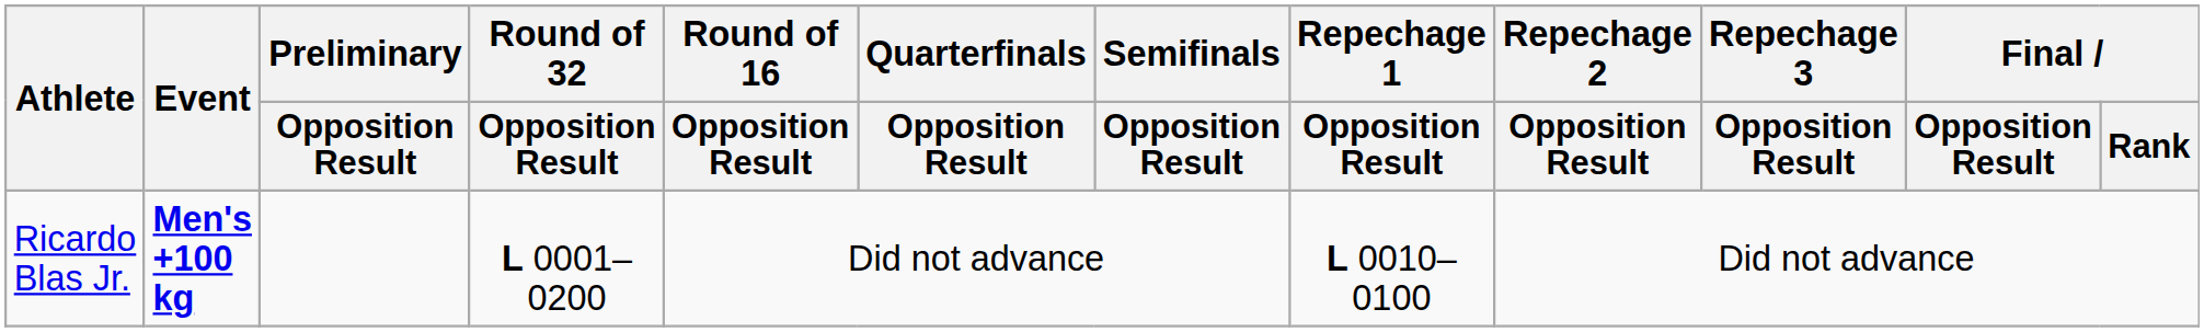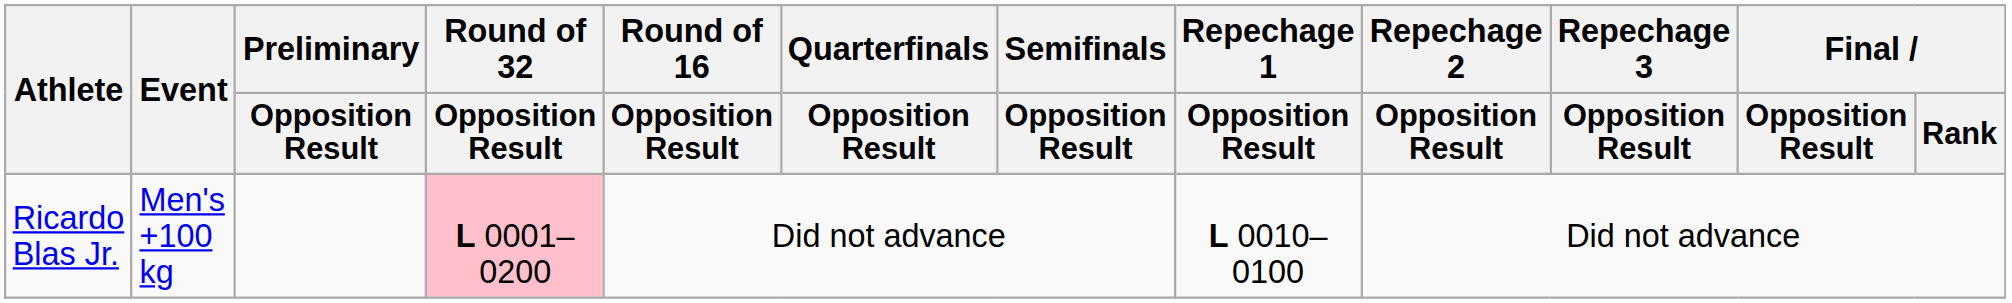 <table class="wikitable" style="font-size:90%">
 <tr>
 <th rowspan="2">Athlete</th>
 <th rowspan="2">Event</th>
 <th>Preliminary</th>
 <th>Round of 32</th>
 <th>Round of 16</th>
 <th>Quarterfinals</th>
 <th>Semifinals</th>
 <th>Repechage 1</th>
 <th>Repechage 2</th>
 <th>Repechage 3</th>
 <th colspan=2>Final / </th>
 </tr>
 <tr style="font-size:95%">
 <th>Opposition<br>Result</th>
 <th>Opposition<br>Result</th>
 <th>Opposition<br>Result</th>
 <th>Opposition<br>Result</th>
 <th>Opposition<br>Result</th>
 <th>Opposition<br>Result</th>
 <th>Opposition<br>Result</th>
 <th>Opposition<br>Result</th>
 <th>Opposition<br>Result</th>
 <th>Rank</th>
 </tr>
 <tr align=center>
 <td align=left><a href='#'>Ricardo Blas Jr.</a></td>
-<td align=left><strong><a href='#'>Men's +100 kg</a></strong></td>
+<td align=left><a href='#'>Men's +100 kg</a></td>
 <td></td>
-<td><br><strong>L</strong> 0001–0200</td>
+<td style="background: pink;"><br><strong>L</strong> 0001–0200</td>
 <td colspan=3>Did not advance</td>
 <td><br><strong>L</strong> 0010–0100</td>
 <td colspan=4>Did not advance</td>
 </tr>
 </table>
